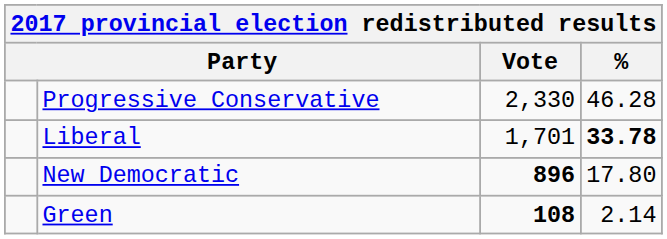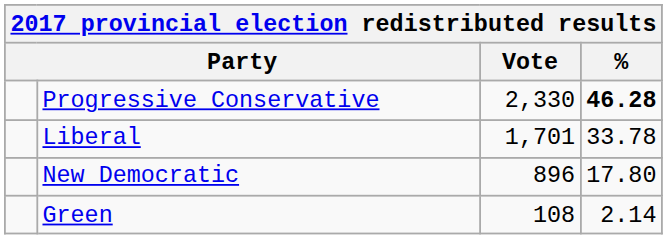 <table class="wikitable">
 <tr>
 <th colspan="4"><a href='#'>2017 provincial election</a> redistributed results</th>
 </tr>
 <tr>
 <th bgcolor="#DDDDFF" width="130px" colspan="2">Party</th>
 <th bgcolor="#DDDDFF" width="50px">Vote</th>
 <th bgcolor="#DDDDFF" width="30px">%</th>
 </tr>
 <tr>
 <td> </td>
 <td><a href='#'>Progressive Conservative</a></td>
 <td align=right>2,330</td>
-<td align=right>46.28</td>
+<td align=right><strong>46.28</strong></td>
 </tr>
 <tr>
 <td> </td>
 <td><a href='#'>Liberal</a></td>
 <td align=right>1,701</td>
-<td align=right><strong>33.78</strong></td>
+<td align=right>33.78</td>
 </tr>
 <tr>
 <td> </td>
 <td><a href='#'>New Democratic</a></td>
-<td align=right><strong>896</strong></td>
+<td align=right>896</td>
 <td align=right>17.80</td>
 </tr>
 <tr>
 <td> </td>
 <td><a href='#'>Green</a></td>
-<td align=right><strong>108</strong></td>
+<td align=right>108</td>
 <td align=right>2.14</td>
 </tr>
 </table>
